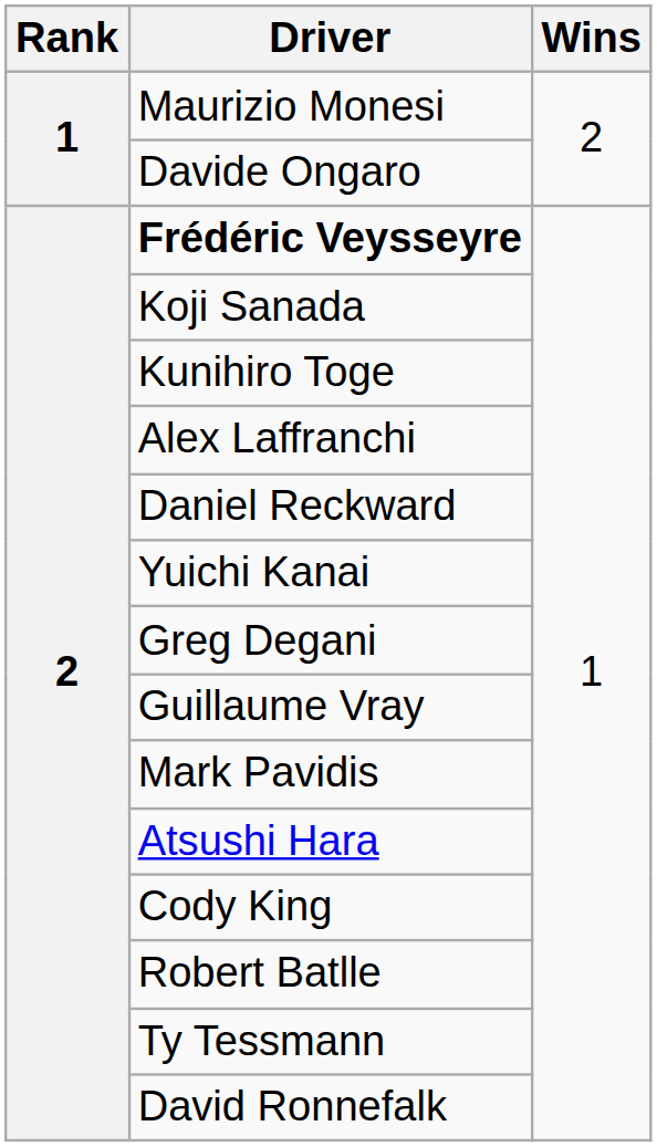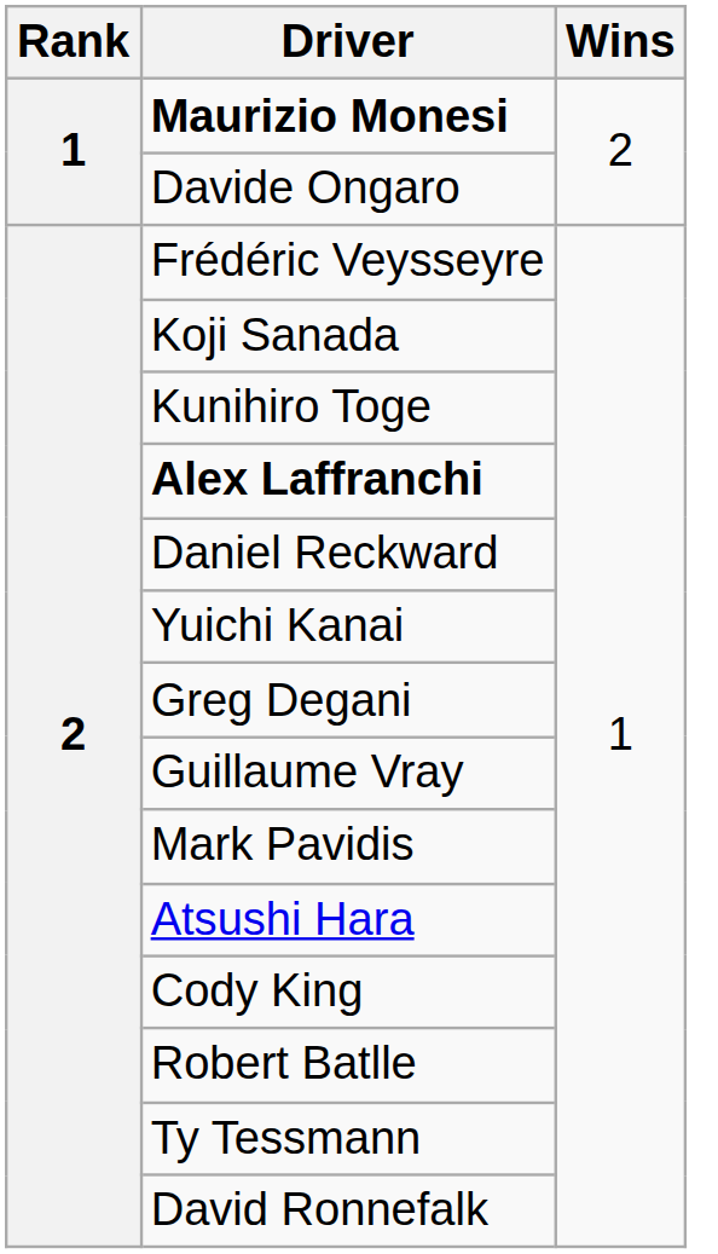 <table class="wikitable" style="font-size: 100%;">
 <tr>
 <th>Rank</th>
 <th>Driver</th>
 <th>Wins</th>
 </tr>
 <tr>
 <th rowspan="2">1</th>
-<td> Maurizio Monesi</td>
+<td><strong> Maurizio Monesi</strong></td>
 <td rowspan="2" align="center">2</td>
 </tr>
 <tr>
 <td> Davide Ongaro</td>
 </tr>
 <tr>
 <th rowspan="14">2</th>
-<td><strong> Frédéric Veysseyre</strong></td>
+<td> Frédéric Veysseyre</td>
 <td rowspan="14" align="center">1</td>
 </tr>
 <tr>
 <td> Koji Sanada</td>
 </tr>
 <tr>
 <td> Kunihiro Toge</td>
 </tr>
 <tr>
-<td> Alex Laffranchi</td>
+<td><strong> Alex Laffranchi</strong></td>
 </tr>
 <tr>
 <td> Daniel Reckward</td>
 </tr>
 <tr>
 <td> Yuichi Kanai</td>
 </tr>
 <tr>
 <td> Greg Degani</td>
 </tr>
 <tr>
 <td> Guillaume Vray</td>
 </tr>
 <tr>
 <td> Mark Pavidis</td>
 </tr>
 <tr>
 <td> <a href='#'>Atsushi Hara</a></td>
 </tr>
 <tr>
 <td> Cody King</td>
 </tr>
 <tr>
 <td> Robert Batlle</td>
 </tr>
 <tr>
 <td> Ty Tessmann</td>
 </tr>
 <tr>
 <td> David Ronnefalk</td>
 </tr>
 </table>
